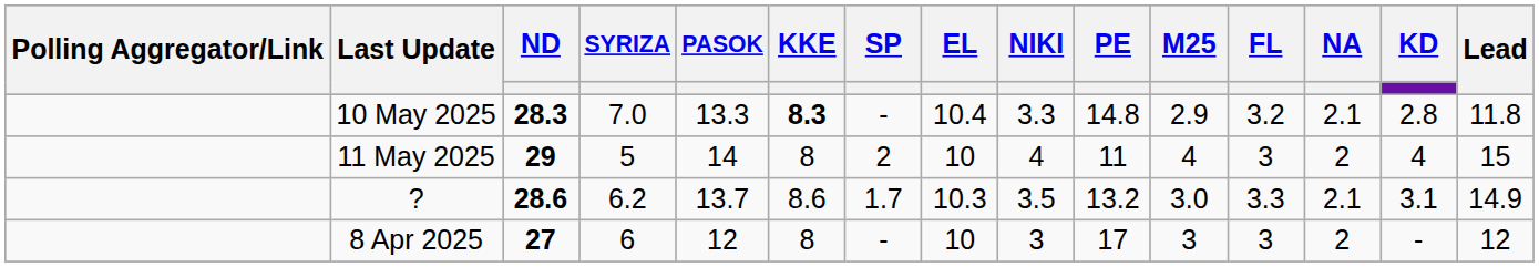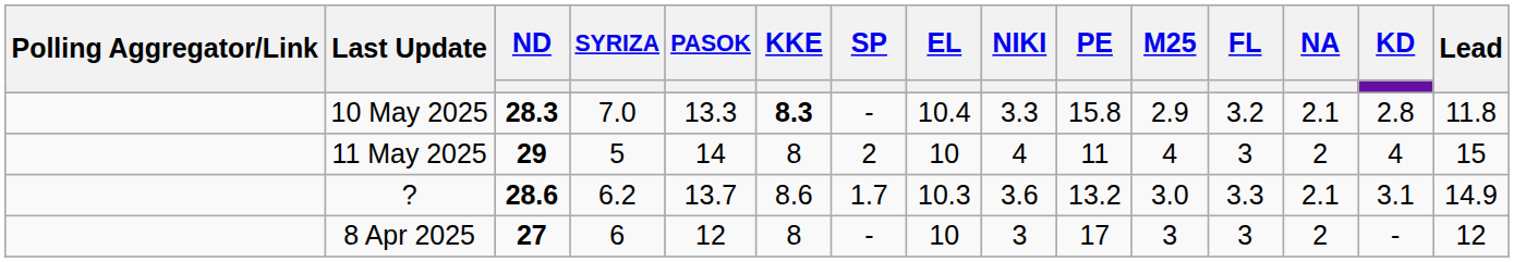 <table class="wikitable collapsible sortable" style="text-align:center; font-size:95%; line-height:16px;">
 <tr style="height:42px;">
 <th rowspan="2">Polling Aggregator/Link</th>
 <th rowspan="2">Last Update</th>
 <th style="width:35px;"><a href='#'>ND</a></th>
 <th style="width:35px; font-size:85%;"><a href='#'>SYRIZA</a></th>
 <th style="width:35px; font-size:85%;"><a href='#'>PASOK</a></th>
 <th style="width:35px;"><a href='#'>KKE</a></th>
 <th style="width:35px;"><a href='#'>SP</a></th>
 <th style="width:35px;"><a href='#'>EL</a></th>
 <th style="width:35px;"><a href='#'>NIKI</a></th>
 <th style="width:35px;"><a href='#'>PE</a></th>
 <th style="width:35px;"><a href='#'>Μ25</a></th>
 <th style="width:35px;"><a href='#'>FL</a></th>
 <th style="width:35px;"><a href='#'>NA</a></th>
 <th style="width:35px;"><a href='#'>KD</a></th>
 <th rowspan="2" style="width:30px;">Lead</th>
 </tr>
 <tr>
 <th style="color:inherit;background:"></th>
 <th style="color:inherit;background:"></th>
 <th style="color:inherit;background:"></th>
 <th style="color:inherit;background:"></th>
 <th style="color:inherit;background:"></th>
 <th style="color:inherit;background:"></th>
 <th style="color:inherit;background:"></th>
 <th style="color:inherit;background:"></th>
 <th style="color:inherit;background:"></th>
 <th style="color:inherit;background:"></th>
 <th style="color:inherit;background:"></th>
 <th style="color:inherit;background:#660fa2"></th>
 </tr>
 <tr>
 <td></td>
 <td>10 May 2025</td>
 <td><strong>28.3</strong></td>
 <td>7.0</td>
 <td>13.3</td>
 <td><strong>8.3</strong></td>
 <td>-</td>
 <td>10.4</td>
 <td>3.3</td>
-<td>14.8</td>
+<td>15.8</td>
 <td>2.9</td>
 <td>3.2</td>
 <td>2.1</td>
 <td>2.8</td>
 <td style="background:">11.8</td>
 </tr>
 <tr>
 <td></td>
 <td>11 May 2025</td>
 <td><strong>29</strong></td>
 <td>5</td>
 <td>14</td>
 <td>8</td>
 <td>2</td>
 <td>10</td>
 <td>4</td>
 <td>11</td>
 <td>4</td>
 <td>3</td>
 <td>2</td>
 <td>4</td>
 <td style="background:">15</td>
 </tr>
 <tr>
 <td></td>
 <td>?</td>
 <td><strong>28.6</strong></td>
 <td>6.2</td>
 <td>13.7</td>
 <td>8.6</td>
 <td>1.7</td>
 <td>10.3</td>
-<td>3.5</td>
+<td>3.6</td>
 <td>13.2</td>
 <td>3.0</td>
 <td>3.3</td>
 <td>2.1</td>
 <td>3.1</td>
 <td style="background:">14.9</td>
 </tr>
 <tr>
 <td></td>
 <td>8 Apr 2025</td>
 <td><strong>27</strong></td>
 <td>6</td>
 <td>12</td>
 <td>8</td>
 <td>-</td>
 <td>10</td>
 <td>3</td>
 <td>17</td>
 <td>3</td>
 <td>3</td>
 <td>2</td>
 <td>-</td>
 <td style="background:">12</td>
 </tr>
 </table>
